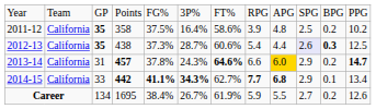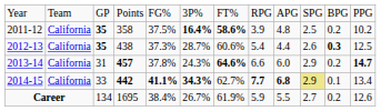 <table class="wikitable">
 <tr>
 <td>Year</td>
 <td>Team</td>
 <td>GP</td>
 <td>Points</td>
 <td>FG%</td>
 <td>3P%</td>
 <td>FT%</td>
 <td>RPG</td>
 <td>APG</td>
 <td>SPG</td>
 <td>BPG</td>
 <td>PPG</td>
 </tr>
 <tr>
 <td>2011-12</td>
 <td><a href='#'>California</a></td>
 <td><strong>35</strong></td>
 <td>358</td>
 <td>37.5%</td>
-<td>16.4%</td>
-<td>58.6%</td>
+<td><strong>16.4%</strong></td>
+<td><strong>58.6%</strong></td>
 <td>3.9</td>
 <td>4.8</td>
 <td>2.5</td>
 <td>0.2</td>
 <td>10.2</td>
 </tr>
 <tr>
 <td><a href='#'>2012-13</a></td>
 <td><a href='#'>California</a></td>
 <td><strong>35</strong></td>
 <td>438</td>
 <td>37.3%</td>
 <td>28.7%</td>
 <td>60.6%</td>
 <td>5.4</td>
 <td>4.4</td>
-<td style="background: lavender;">2.6</td>
+<td>2.6</td>
 <td><strong>0.3</strong></td>
 <td>12.5</td>
 </tr>
 <tr>
 <td><a href='#'>2013-14</a></td>
 <td><a href='#'>California</a></td>
 <td>31</td>
 <td><strong>457</strong></td>
 <td>37.8%</td>
 <td>24.3%</td>
 <td><strong>64.6%</strong></td>
 <td>6.6</td>
-<td style="background: gold;">6.0</td>
+<td>6.0</td>
 <td>2.9</td>
 <td>0.2</td>
 <td><strong>14.7</strong></td>
 </tr>
 <tr>
 <td><a href='#'>2014-15</a></td>
 <td><a href='#'>California</a></td>
 <td>33</td>
 <td><strong>442</strong></td>
 <td><strong>41.1%</strong></td>
 <td><strong>34.3%</strong></td>
 <td>62.7%</td>
 <td><strong>7.7</strong></td>
 <td><strong>6.8</strong></td>
-<td>2.9</td>
+<td style="background: khaki;">2.9</td>
 <td>0.1</td>
 <td>13.4</td>
 </tr>
 <tr class="sortbottom">
 <td colspan=2  align=center><strong>Career</strong></td>
 <td>134</td>
 <td>1695</td>
 <td>38.4%</td>
 <td>26.7%</td>
 <td>61.9%</td>
 <td>5.9</td>
 <td>5.5</td>
 <td>2.7</td>
 <td>0.2</td>
 <td>12.6</td>
 </tr>
 </table>
